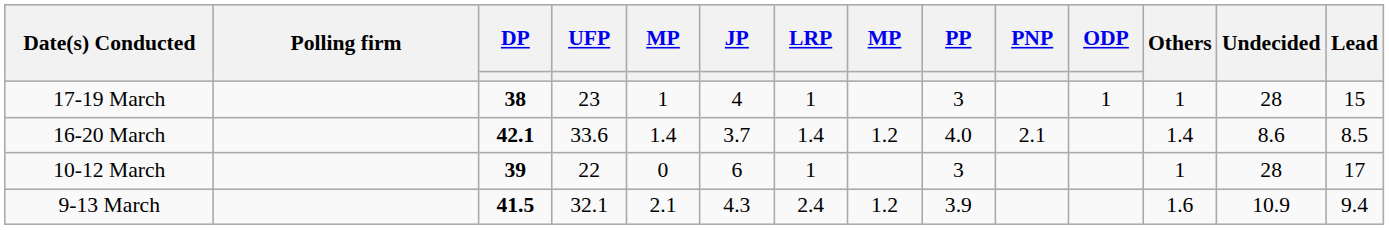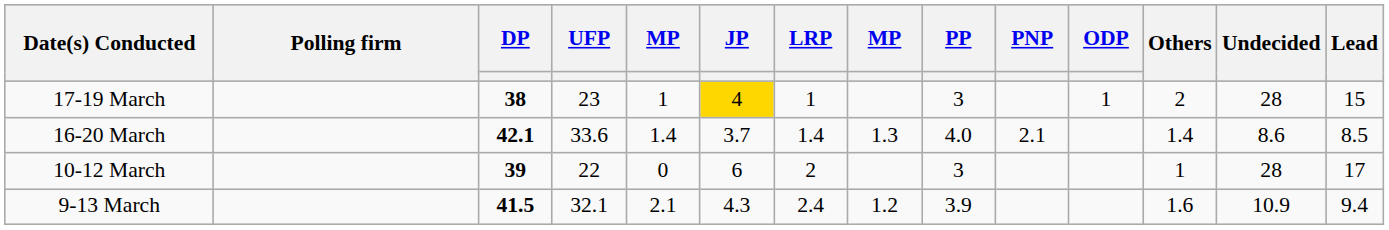 <table class="wikitable sortable" style="text-align:center; font-size:85%; line-height:16px; margin:0;">
 <tr style="height:42px; background-color:#E9E9E9; border 1px solid #aaaaaa;">
 <th style="width:125px;" rowspan="2">Date(s) Conducted</th>
 <th style="width:160px;" rowspan="2">Polling firm</th>
 <th class="unsortable" style="width:40px;"><a href='#'>DP</a></th>
 <th class="unsortable" style="width:40px;"><a href='#'>UFP</a></th>
 <th class="unsortable" style="width:40px;"><a href='#'>MP</a></th>
 <th class="unsortable" style="width:40px;"><a href='#'>JP</a></th>
 <th class="unsortable" style="width:40px;"><a href='#'>LRP</a></th>
 <th class="unsortable" style="width:40px;"><a href='#'>MP</a></th>
 <th class="unsortable" style="width:40px;"><a href='#'>PP</a></th>
 <th class="unsortable" style="width:40px;"><a href='#'>PNP</a></th>
 <th class="unsortable" style="width:40px;"><a href='#'>ODP</a></th>
 <th style="width:30px;" rowspan="2" class="unsortable">Others</th>
 <th style="width:30px;" rowspan="2" class="unsortable">Undecided</th>
 <th style="width:30px;" rowspan="2" class="unsortable">Lead</th>
 </tr>
 <tr>
 <th style="background:"></th>
 <th style="background:"></th>
 <th style="background:"></th>
 <th style="background:"></th>
 <th style="background:"></th>
 <th style="background:"></th>
 <th style="background:"></th>
 <th style="background:"></th>
 <th style="background:"></th>
 </tr>
 <tr>
 <td data-sort-value="2020-03-20">17-19 March</td>
 <td></td>
 <td><strong>38</strong></td>
 <td>23</td>
 <td>1</td>
-<td>4</td>
+<td style="background: gold;">4</td>
 <td>1</td>
 <td></td>
 <td>3</td>
 <td></td>
 <td>1</td>
-<td>1</td>
+<td>2</td>
 <td>28</td>
 <td style="background:">15</td>
 </tr>
 <tr>
 <td data-sort-value="2020-03-23">16-20 March</td>
 <td></td>
 <td><strong>42.1</strong></td>
 <td>33.6</td>
 <td>1.4</td>
 <td>3.7</td>
 <td>1.4</td>
-<td>1.2</td>
+<td>1.3</td>
 <td>4.0</td>
 <td>2.1</td>
 <td></td>
 <td>1.4</td>
 <td>8.6</td>
 <td style="background:">8.5</td>
 </tr>
 <tr>
 <td data-sort-value="2020-03-13">10-12 March</td>
 <td></td>
 <td><strong>39</strong></td>
 <td>22</td>
 <td>0</td>
 <td>6</td>
-<td>1</td>
+<td>2</td>
 <td></td>
 <td>3</td>
 <td></td>
 <td></td>
 <td>1</td>
 <td>28</td>
 <td style="background:">17</td>
 </tr>
 <tr>
 <td data-sort-value="2020-03-16">9-13 March</td>
 <td></td>
 <td><strong>41.5</strong></td>
 <td>32.1</td>
 <td>2.1</td>
 <td>4.3</td>
 <td>2.4</td>
 <td>1.2</td>
 <td>3.9</td>
 <td></td>
 <td></td>
 <td>1.6</td>
 <td>10.9</td>
 <td style="background:">9.4</td>
 </tr>
 </table>
